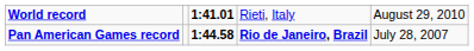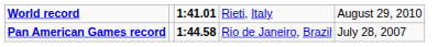 <table class="wikitable">
 <tr>
 <td><strong><a href='#'>World record</a></strong></td>
 <td></td>
 <td><strong>1:41.01</strong></td>
 <td><a href='#'>Rieti</a>, <a href='#'>Italy</a></td>
 <td>August 29, 2010</td>
 </tr>
 <tr>
 <td><strong><a href='#'>Pan American Games record</a></strong></td>
 <td></td>
 <td><strong>1:44.58</strong></td>
-<td><strong><a href='#'>Rio de Janeiro</a>, <a href='#'>Brazil</a></strong></td>
+<td><a href='#'>Rio de Janeiro</a>, <a href='#'>Brazil</a></td>
 <td>July 28, 2007</td>
 </tr>
 </table>
